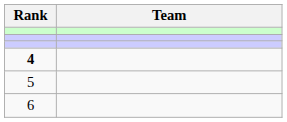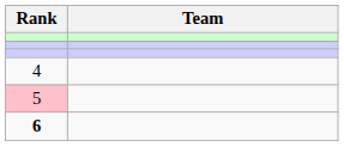 <table class="wikitable" style="text-align: center;">
 <tr>
 <th width=50>Rank</th>
 <th width=240>Team</th>
 </tr>
 <tr bgcolor=ccffcc>
 <td></td>
 <td align=left></td>
 </tr>
 <tr bgcolor=ccccff>
 <td></td>
 <td align=left></td>
 </tr>
 <tr bgcolor=ccccff>
 <td></td>
 <td align=left></td>
 </tr>
 <tr>
-<td><strong>4</strong></td>
+<td>4</td>
 <td align=left></td>
 </tr>
 <tr>
-<td>5</td>
+<td style="background: pink;">5</td>
 <td align=left></td>
 </tr>
 <tr>
-<td>6</td>
+<td><strong>6</strong></td>
 <td align=left></td>
 </tr>
 </table>
